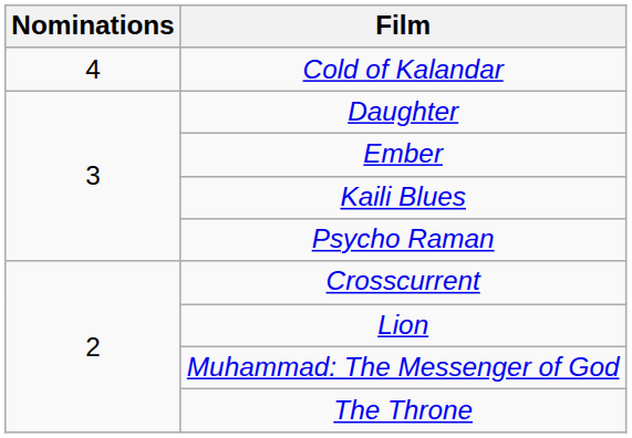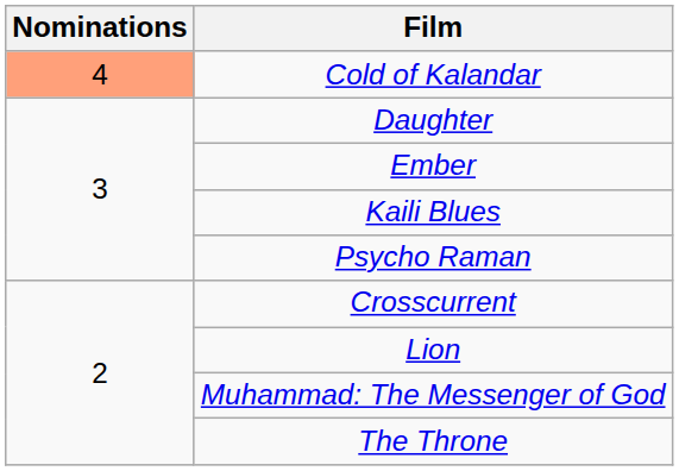 <table class="wikitable" style="text-align:center;">
 <tr>
 <th scope="col" width="55">Nominations</th>
 <th scope="col" align="center">Film</th>
 </tr>
 <tr>
-<td>4</td>
+<td style="background: lightsalmon;">4</td>
 <td><em><a href='#'>Cold of Kalandar</a></em></td>
 </tr>
 <tr>
 <td rowspan="4">3</td>
 <td><em><a href='#'>Daughter</a></em></td>
 </tr>
 <tr>
 <td><em><a href='#'>Ember</a></em></td>
 </tr>
 <tr>
 <td><em><a href='#'>Kaili Blues</a></em></td>
 </tr>
 <tr>
 <td><em><a href='#'>Psycho Raman</a></em></td>
 </tr>
 <tr>
 <td rowspan="4">2</td>
 <td><em><a href='#'>Crosscurrent</a></em></td>
 </tr>
 <tr>
 <td><em><a href='#'>Lion</a></em></td>
 </tr>
 <tr>
 <td><em><a href='#'>Muhammad: The Messenger of God</a></em></td>
 </tr>
 <tr>
 <td><em><a href='#'>The Throne</a></em></td>
 </tr>
 </table>
